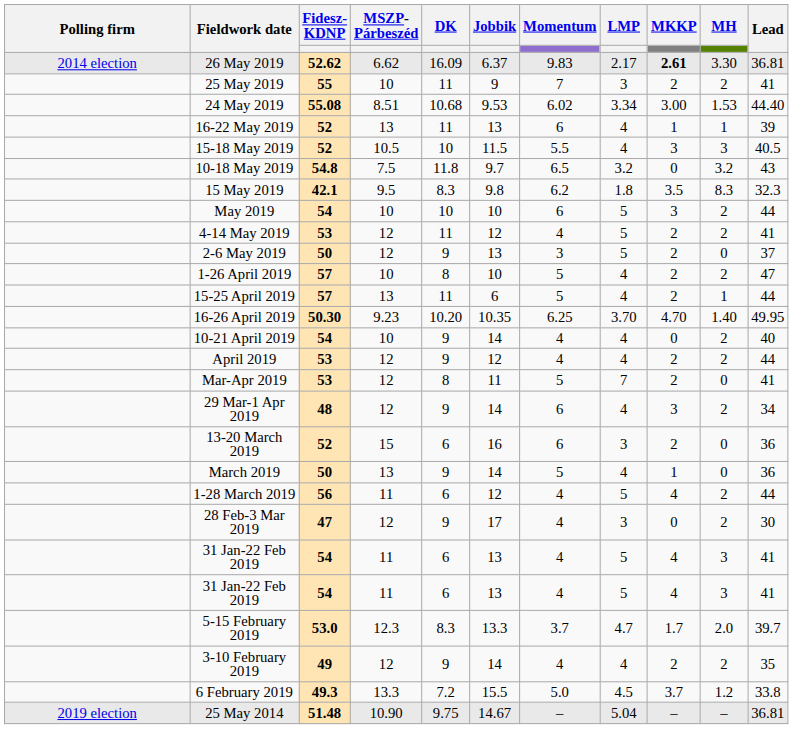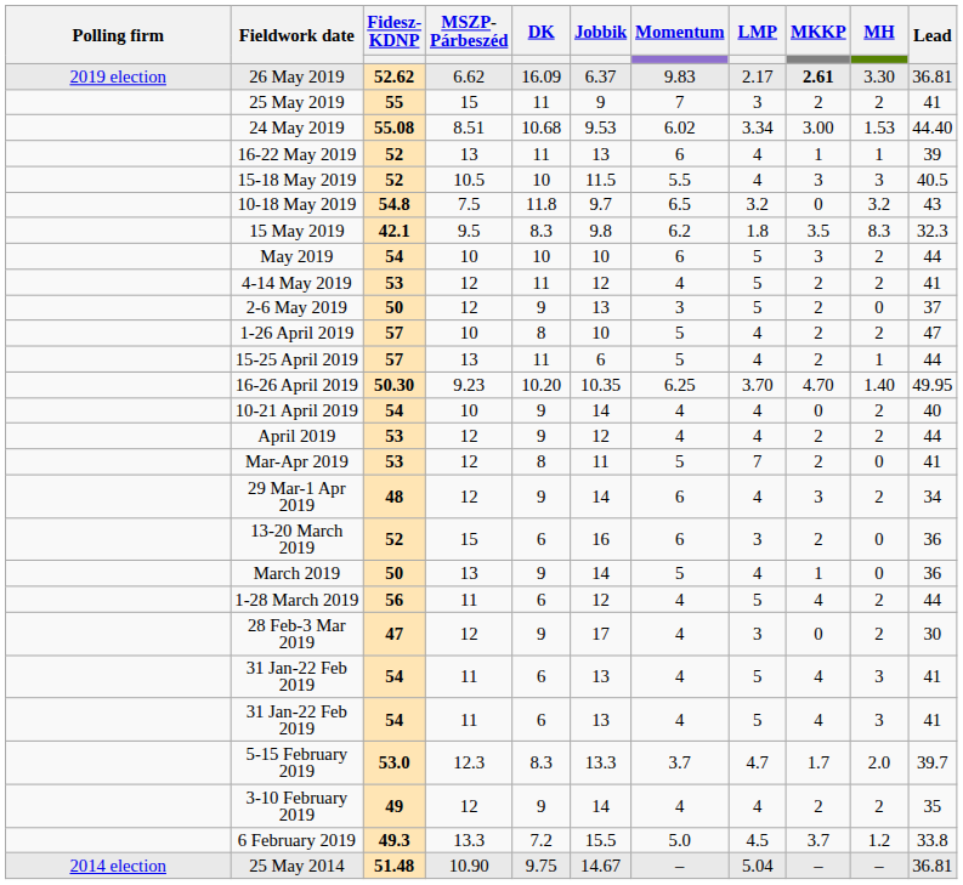 <table class="wikitable sortable" style="text-align:center;font-size:90%;line-height:14px;">
 <tr style="height:40px;">
 <th style="width:175px;" rowspan="2">Polling firm</th>
 <th style="width:100px;" rowspan="2">Fieldwork date</th>
 <th class="unsortable" style="width:40px;"><a href='#'><span>Fidesz-KDNP</span></a></th>
 <th class="unsortable" style="width:40px;"><a href='#'><span>MSZP</span></a>-<a href='#'>Párbeszéd</a></th>
 <th class="unsortable" style="width:40px;"><a href='#'><span>DK</span></a></th>
 <th class="unsortable" style="width:40px;"><a href='#'><span>Jobbik</span></a></th>
 <th class="unsortable" style="width:40px;"><a href='#'><span>Momentum</span></a></th>
 <th class="unsortable" style="width:40px;"><a href='#'><span>LMP</span></a></th>
 <th class="unsortable" style="width:40px;"><a href='#'><span>MKKP</span></a></th>
 <th class="unsortable" style="width:40px;"><a href='#'><span>MH</span></a></th>
 <th style="width:30px;" rowspan="2">Lead</th>
 </tr>
 <tr>
 <th style="background:"></th>
 <th style="background:"></th>
 <th style="background:"></th>
 <th style="background:"></th>
 <th style="background:#8E6FCE;"></th>
 <th style="background:"></th>
 <th style="background:#808080;"></th>
 <th style="background:#568203"></th>
 </tr>
 <tr style="background:#E9E9E9;">
-<td><a href='#'>2014 election</a></td>
+<td><a href='#'>2019 election</a></td>
 <td data-sort-value="2014-05-25">26 May 2019</td>
 <td style="background:#FFE5B4;"><strong>52.62</strong></td>
 <td>6.62</td>
 <td>16.09</td>
 <td>6.37</td>
 <td>9.83</td>
 <td>2.17</td>
 <td><strong>2.61</strong></td>
 <td>3.30</td>
 <td style="background:">36.81</td>
 </tr>
 <tr>
 <td></td>
 <td>25 May 2019</td>
 <td style="background:#FFE5B4"><strong>55</strong></td>
-<td>10</td>
+<td>15</td>
 <td>11</td>
 <td>9</td>
 <td>7</td>
 <td>3</td>
 <td>2</td>
 <td>2</td>
 <td style="background:">41</td>
 </tr>
 <tr>
 <td></td>
 <td>24 May 2019</td>
 <td style="background:#FFE5B4"><strong>55.08</strong></td>
 <td>8.51</td>
 <td>10.68</td>
 <td>9.53</td>
 <td>6.02</td>
 <td>3.34</td>
 <td>3.00</td>
 <td>1.53</td>
 <td style="background:">44.40</td>
 </tr>
 <tr>
 <td></td>
 <td>16-22 May 2019</td>
 <td style="background:#FFE5B4"><strong>52</strong></td>
 <td>13</td>
 <td>11</td>
 <td>13</td>
 <td>6</td>
 <td>4</td>
 <td>1</td>
 <td>1</td>
 <td style="background:">39</td>
 </tr>
 <tr>
 <td> </td>
 <td>15-18 May 2019</td>
 <td style="background:#FFE5B4"><strong>52</strong></td>
 <td>10.5</td>
 <td>10</td>
 <td>11.5</td>
 <td>5.5</td>
 <td>4</td>
 <td>3</td>
 <td>3</td>
 <td style="background:">40.5</td>
 </tr>
 <tr>
 <td></td>
 <td>10-18 May 2019</td>
 <td style="background:#FFE5B4"><strong>54.8</strong></td>
 <td>7.5</td>
 <td>11.8</td>
 <td>9.7</td>
 <td>6.5</td>
 <td>3.2</td>
 <td>0</td>
 <td>3.2</td>
 <td style="background:">43</td>
 </tr>
 <tr>
 <td> </td>
 <td>15 May 2019</td>
 <td style="background:#FFE5B4"><strong>42.1</strong></td>
 <td>9.5</td>
 <td>8.3</td>
 <td>9.8</td>
 <td>6.2</td>
 <td>1.8</td>
 <td>3.5</td>
 <td>8.3</td>
 <td style="background:">32.3</td>
 </tr>
 <tr>
 <td></td>
 <td>May 2019</td>
 <td style="background:#FFE5B4"><strong>54</strong></td>
 <td>10</td>
 <td>10</td>
 <td>10</td>
 <td>6</td>
 <td>5</td>
 <td>3</td>
 <td>2</td>
 <td style="background:">44</td>
 </tr>
 <tr>
 <td></td>
 <td>4-14 May 2019</td>
 <td style="background:#FFE5B4"><strong>53</strong></td>
 <td>12</td>
 <td>11</td>
 <td>12</td>
 <td>4</td>
 <td>5</td>
 <td>2</td>
 <td>2</td>
 <td style="background:">41</td>
 </tr>
 <tr>
 <td></td>
 <td>2-6 May 2019</td>
 <td style="background:#FFE5B4"><strong>50</strong></td>
 <td>12</td>
 <td>9</td>
 <td>13</td>
 <td>3</td>
 <td>5</td>
 <td>2</td>
 <td>0</td>
 <td style="background:">37</td>
 </tr>
 <tr>
 <td></td>
 <td>1-26 April 2019</td>
 <td style="background:#FFE5B4"><strong>57</strong></td>
 <td>10</td>
 <td>8</td>
 <td>10</td>
 <td>5</td>
 <td>4</td>
 <td>2</td>
 <td>2</td>
 <td style="background:">47</td>
 </tr>
 <tr>
 <td></td>
 <td>15-25 April 2019</td>
 <td style="background:#FFE5B4"><strong>57</strong></td>
 <td>13</td>
 <td>11</td>
 <td>6</td>
 <td>5</td>
 <td>4</td>
 <td>2</td>
 <td>1</td>
 <td style="background:">44</td>
 </tr>
 <tr>
 <td> </td>
 <td>16-26 April 2019</td>
 <td style="background:#FFE5B4"><strong>50.30</strong></td>
 <td>9.23</td>
 <td>10.20</td>
 <td>10.35</td>
 <td>6.25</td>
 <td>3.70</td>
 <td>4.70</td>
 <td>1.40</td>
 <td style="background:">49.95</td>
 </tr>
 <tr>
 <td></td>
 <td>10-21 April 2019</td>
 <td style="background:#FFE5B4"><strong>54</strong></td>
 <td>10</td>
 <td>9</td>
 <td>14</td>
 <td>4</td>
 <td>4</td>
 <td>0</td>
 <td>2</td>
 <td style="background:">40</td>
 </tr>
 <tr>
 <td></td>
 <td>April 2019</td>
 <td style="background:#FFE5B4"><strong>53</strong></td>
 <td>12</td>
 <td>9</td>
 <td>12</td>
 <td>4</td>
 <td>4</td>
 <td>2</td>
 <td>2</td>
 <td style="background:">44</td>
 </tr>
 <tr>
 <td></td>
 <td>Mar-Apr 2019</td>
 <td style="background:#FFE5B4"><strong>53</strong></td>
 <td>12</td>
 <td>8</td>
 <td>11</td>
 <td>5</td>
 <td>7</td>
 <td>2</td>
 <td>0</td>
 <td style="background:">41</td>
 </tr>
 <tr>
 <td></td>
 <td>29 Mar-1 Apr 2019</td>
 <td style="background:#FFE5B4"><strong>48</strong></td>
 <td>12</td>
 <td>9</td>
 <td>14</td>
 <td>6</td>
 <td>4</td>
 <td>3</td>
 <td>2</td>
 <td style="background:">34</td>
 </tr>
 <tr>
 <td></td>
 <td>13-20 March 2019</td>
 <td style="background:#FFE5B4"><strong>52</strong></td>
 <td>15</td>
 <td>6</td>
 <td>16</td>
 <td>6</td>
 <td>3</td>
 <td>2</td>
 <td>0</td>
 <td style="background:">36</td>
 </tr>
 <tr>
 <td></td>
 <td>March 2019</td>
 <td style="background:#FFE5B4"><strong>50</strong></td>
 <td>13</td>
 <td>9</td>
 <td>14</td>
 <td>5</td>
 <td>4</td>
 <td>1</td>
 <td>0</td>
 <td style="background:">36</td>
 </tr>
 <tr>
 <td></td>
 <td>1-28 March 2019</td>
 <td style="background:#FFE5B4"><strong>56</strong></td>
 <td>11</td>
 <td>6</td>
 <td>12</td>
 <td>4</td>
 <td>5</td>
 <td>4</td>
 <td>2</td>
 <td style="background:">44</td>
 </tr>
 <tr>
 <td></td>
 <td>28 Feb-3 Mar 2019</td>
 <td style="background:#FFE5B4"><strong>47</strong></td>
 <td>12</td>
 <td>9</td>
 <td>17</td>
 <td>4</td>
 <td>3</td>
 <td>0</td>
 <td>2</td>
 <td style="background:">30</td>
 </tr>
 <tr>
 <td></td>
 <td>31 Jan-22 Feb 2019</td>
 <td style="background:#FFE5B4"><strong>54</strong></td>
 <td>11</td>
 <td>6</td>
 <td>13</td>
 <td>4</td>
 <td>5</td>
 <td>4</td>
 <td>3</td>
 <td style="background:">41</td>
 </tr>
 <tr>
 <td></td>
 <td>31 Jan-22 Feb 2019</td>
 <td style="background:#FFE5B4"><strong>54</strong></td>
 <td>11</td>
 <td>6</td>
 <td>13</td>
 <td>4</td>
 <td>5</td>
 <td>4</td>
 <td>3</td>
 <td style="background:">41</td>
 </tr>
 <tr>
 <td></td>
 <td>5-15 February 2019</td>
 <td style="background:#FFE5B4"><strong>53.0</strong></td>
 <td>12.3</td>
 <td>8.3</td>
 <td>13.3</td>
 <td>3.7</td>
 <td>4.7</td>
 <td>1.7</td>
 <td>2.0</td>
 <td style="background:">39.7</td>
 </tr>
 <tr>
 <td></td>
 <td>3-10 February 2019</td>
 <td style="background:#FFE5B4"><strong>49</strong></td>
 <td>12</td>
 <td>9</td>
 <td>14</td>
 <td>4</td>
 <td>4</td>
 <td>2</td>
 <td>2</td>
 <td style="background:">35</td>
 </tr>
 <tr>
 <td> </td>
 <td>6 February 2019</td>
 <td style="background:#FFE5B4"><strong>49.3</strong></td>
 <td>13.3</td>
 <td>7.2</td>
 <td>15.5</td>
 <td>5.0</td>
 <td>4.5</td>
 <td>3.7</td>
 <td>1.2</td>
 <td style="background:">33.8</td>
 </tr>
 <tr style="background:#E9E9E9;">
-<td><a href='#'>2019 election</a></td>
+<td><a href='#'>2014 election</a></td>
 <td data-sort-value="2014-05-25">25 May 2014</td>
 <td style="background:#FFE5B4;"><strong>51.48</strong></td>
 <td>10.90</td>
 <td>9.75</td>
 <td>14.67</td>
 <td>–</td>
 <td>5.04</td>
 <td>–</td>
 <td>–</td>
 <td style="background:">36.81</td>
 </tr>
 </table>
